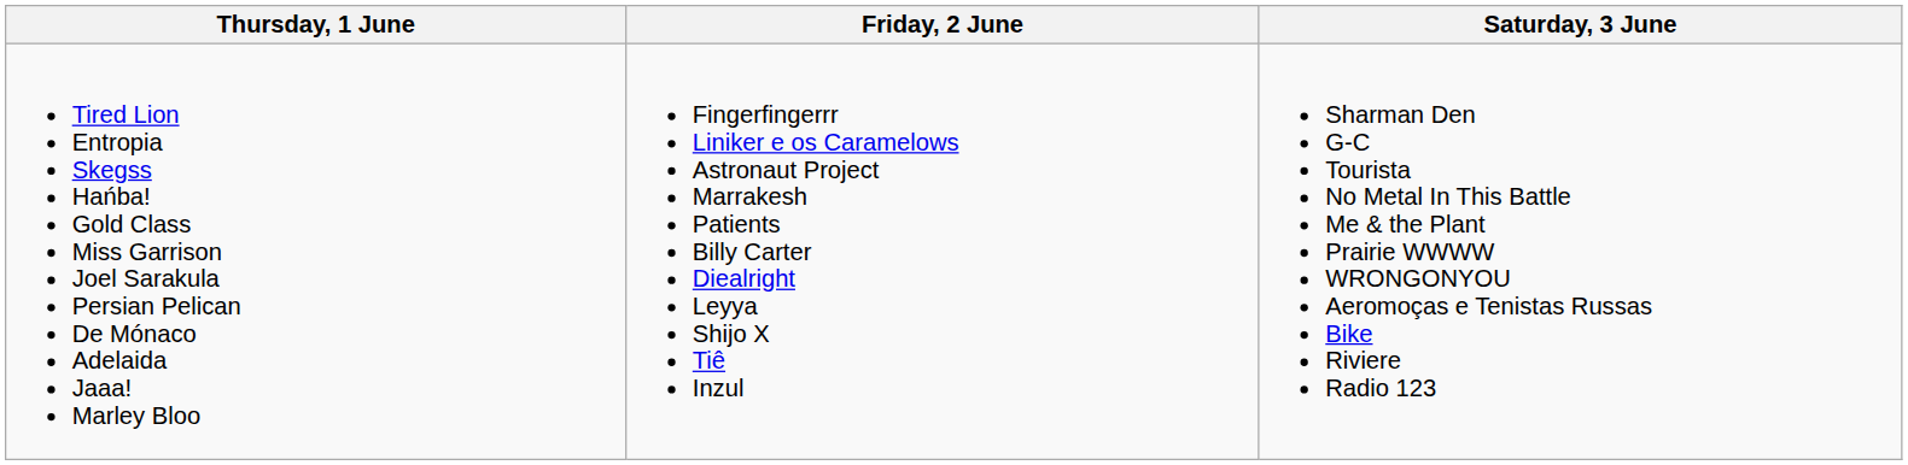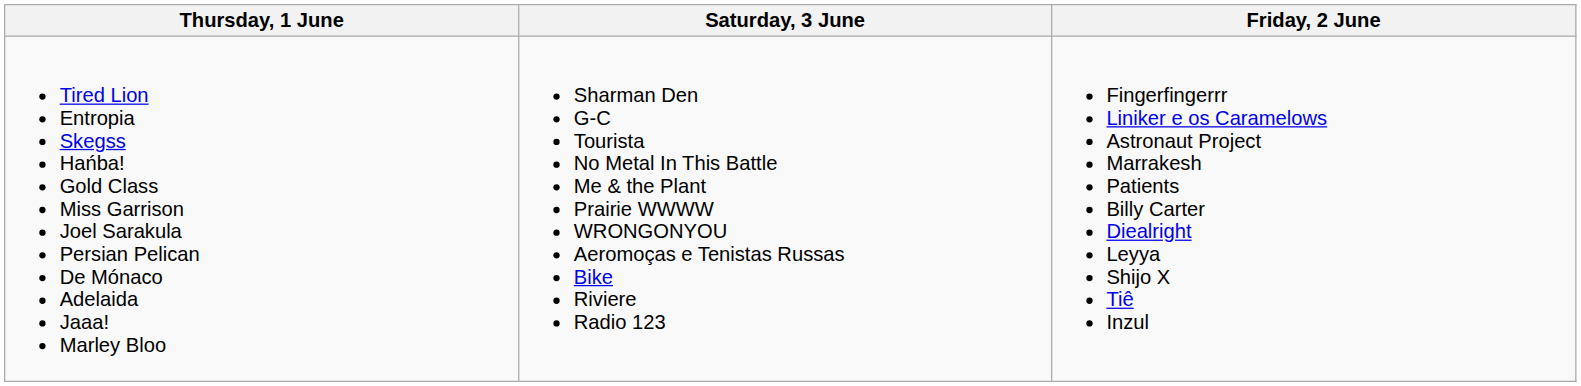 <table class="wikitable">
 <tr>
 <th width="500">Thursday, 1 June</th>
+<th width="500">Saturday, 3 June</th>
 <th width="500">Friday, 2 June</th>
-<th width="500">Saturday, 3 June</th>
 </tr>
 <tr valign="top">
 <td><br><ul><li><a href='#'>Tired Lion</a></li><li>Entropia</li><li><a href='#'>Skegss</a></li><li>Hańba!</li><li>Gold Class</li><li>Miss Garrison</li><li>Joel Sarakula</li><li>Persian Pelican</li><li>De Mónaco</li><li>Adelaida</li><li>Jaaa!</li><li>Marley Bloo</li></ul></td>
+<td><br><ul><li>Sharman Den</li><li>G-C</li><li>Tourista</li><li>No Metal In This Battle</li><li>Me & the Plant</li><li>Prairie WWWW</li><li>WRONGONYOU</li><li>Aeromoças e Tenistas Russas</li><li><a href='#'>Bike</a></li><li>Riviere</li><li>Radio 123</li></ul></td>
 <td><br><ul><li>Fingerfingerrr</li><li><a href='#'>Liniker e os Caramelows</a></li><li>Astronaut Project</li><li>Marrakesh</li><li>Patients</li><li>Billy Carter</li><li><a href='#'>Diealright</a></li><li>Leyya</li><li>Shijo X</li><li><a href='#'>Tiê</a></li><li>Inzul</li></ul></td>
-<td><br><ul><li>Sharman Den</li><li>G-C</li><li>Tourista</li><li>No Metal In This Battle</li><li>Me & the Plant</li><li>Prairie WWWW</li><li>WRONGONYOU</li><li>Aeromoças e Tenistas Russas</li><li><a href='#'>Bike</a></li><li>Riviere</li><li>Radio 123</li></ul></td>
 </tr>
 </table>
